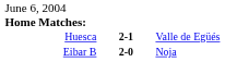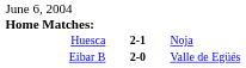 <table width=100% cellspacing=1>
 <tr>
 <th width=20%></th>
 <th width=12%></th>
 <th width=20%></th>
 <th></th>
 </tr>
 <tr>
 <td>June 6, 2004<br><strong>Home Matches:</strong></td>
 </tr>
 <tr style=font-size:90%>
 <td align=right><a href='#'>Huesca</a></td>
 <td align=center><strong>2-1</strong></td>
-<td><a href='#'>Valle de Egüés</a></td>
+<td><a href='#'>Noja</a></td>
 </tr>
 <tr style=font-size:90%>
 <td align=right><a href='#'>Eibar B</a></td>
 <td align=center><strong>2-0</strong></td>
-<td><a href='#'>Noja</a></td>
+<td><a href='#'>Valle de Egüés</a></td>
 </tr>
 </table>
